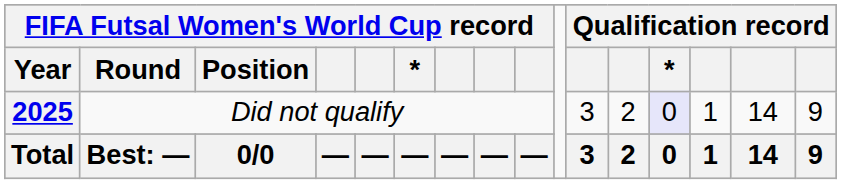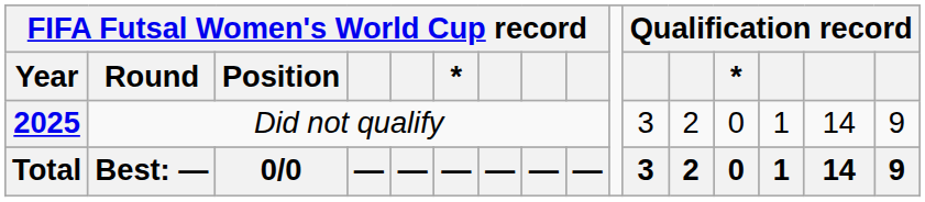 <table class="wikitable" style="text-align: center;">
 <tr>
 <th colspan="9"><a href='#'>FIFA Futsal Women's World Cup</a> record</th>
 <td rowspan=13></td>
 <th colspan=6>Qualification record</th>
 </tr>
 <tr>
 <th>Year</th>
 <th>Round</th>
 <th>Position</th>
 <th></th>
 <th></th>
 <th>*</th>
 <th></th>
 <th></th>
 <th></th>
 <th></th>
 <th></th>
 <th>*</th>
 <th></th>
 <th></th>
 <th></th>
 </tr>
 <tr>
 <th> <a href='#'>2025</a></th>
 <td colspan="8"><em>Did not qualify</em></td>
 <td>3</td>
 <td>2</td>
-<td style="background: lavender;">0</td>
+<td>0</td>
 <td>1</td>
 <td>14</td>
 <td>9</td>
 </tr>
 <tr>
 <th>Total</th>
 <th>Best: —</th>
 <th>0/0</th>
 <th>—</th>
 <th>—</th>
 <th>—</th>
 <th>—</th>
 <th>—</th>
 <th>—</th>
 <th>3</th>
 <th>2</th>
 <th>0</th>
 <th>1</th>
 <th>14</th>
 <th>9</th>
 </tr>
 </table>
